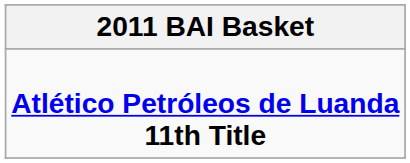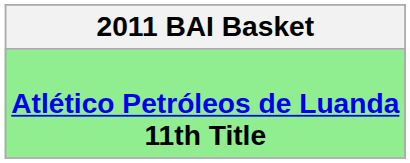 <table class=wikitable style="text-align:center; margin:auto">
 <tr>
 <th>2011 BAI Basket</th>
 </tr>
 <tr>
-<td><br><strong><a href='#'>Atlético Petróleos de Luanda</a></strong><br><strong>11th Title</strong></td>
+<td style="background: lightgreen;"><br><strong><a href='#'>Atlético Petróleos de Luanda</a></strong><br><strong>11th Title</strong></td>
 </tr>
 </table>
